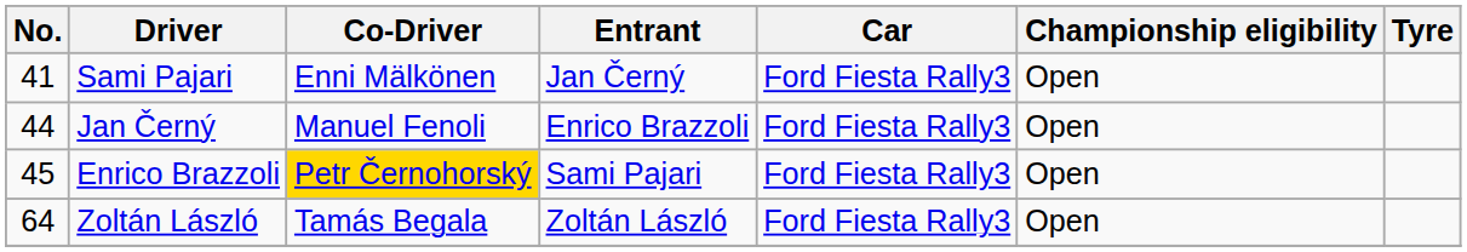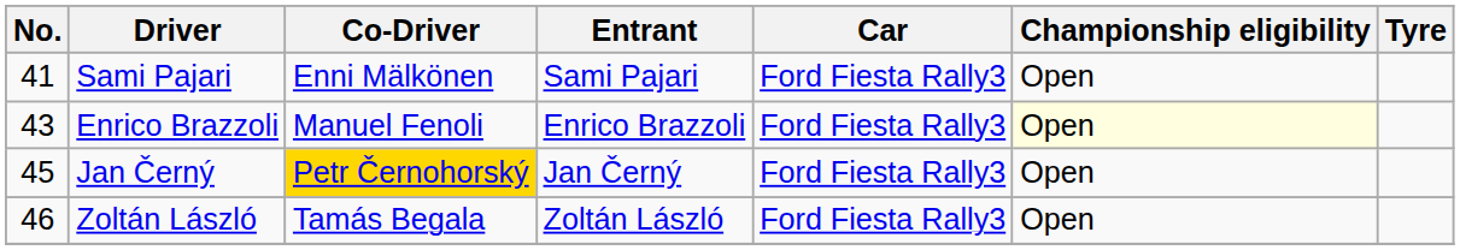 <table class="wikitable" style="font-size: 85%;">
 <tr>
 <th>No.</th>
 <th>Driver</th>
 <th>Co-Driver</th>
 <th>Entrant</th>
 <th>Car</th>
 <th>Championship eligibility</th>
 <th>Tyre</th>
 </tr>
 <tr>
 <td align="center">41</td>
 <td> <a href='#'>Sami Pajari</a></td>
 <td> <a href='#'>Enni Mälkönen</a></td>
+<td> <a href='#'>Sami Pajari</a></td>
+<td><a href='#'>Ford Fiesta Rally3</a></td>
+<td>Open</td>
+<td align="center"></td>
+</tr>
+<tr>
+<td align="center">43</td>
+<td> <a href='#'>Enrico Brazzoli</a></td>
+<td> <a href='#'>Manuel Fenoli</a></td>
+<td> <a href='#'>Enrico Brazzoli</a></td>
+<td><a href='#'>Ford Fiesta Rally3</a></td>
+<td style="background: lightyellow;">Open</td>
+<td align="center"></td>
+</tr>
+<tr>
+<td align="center">45</td>
+<td> <a href='#'>Jan Černý</a></td>
+<td style="background: gold;"> <a href='#'>Petr Černohorský</a></td>
 <td> <a href='#'>Jan Černý</a></td>
 <td><a href='#'>Ford Fiesta Rally3</a></td>
 <td>Open</td>
 <td align="center"></td>
 </tr>
 <tr>
-<td align="center">44</td>
-<td> <a href='#'>Jan Černý</a></td>
-<td> <a href='#'>Manuel Fenoli</a></td>
-<td> <a href='#'>Enrico Brazzoli</a></td>
-<td><a href='#'>Ford Fiesta Rally3</a></td>
-<td>Open</td>
-<td align="center"></td>
-</tr>
-<tr>
-<td align="center">45</td>
-<td> <a href='#'>Enrico Brazzoli</a></td>
-<td style="background: gold;"> <a href='#'>Petr Černohorský</a></td>
-<td> <a href='#'>Sami Pajari</a></td>
-<td><a href='#'>Ford Fiesta Rally3</a></td>
-<td>Open</td>
-<td align="center"></td>
-</tr>
-<tr>
-<td align="center">64</td>
+<td align="center">46</td>
 <td> <a href='#'>Zoltán László</a></td>
 <td> <a href='#'>Tamás Begala</a></td>
 <td> <a href='#'>Zoltán László</a></td>
 <td><a href='#'>Ford Fiesta Rally3</a></td>
 <td>Open</td>
 <td align="center"></td>
 </tr>
 <tr>
 </tr>
 </table>
